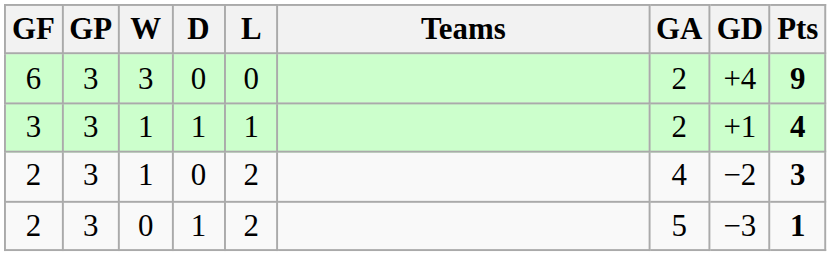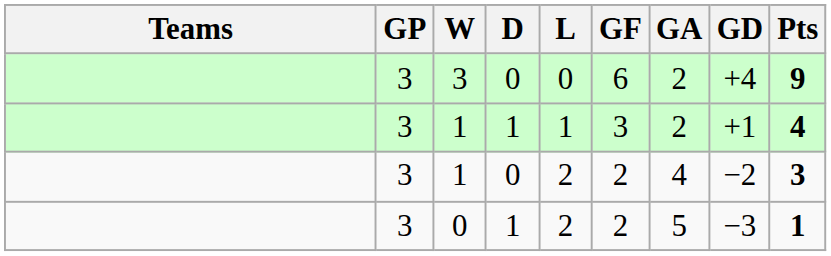 <table class="wikitable">
 <tr align=center bgcolor=#efefef>
-<th width=20>GF</th>
+<th width=185>Teams</th>
 <th width=20>GP</th>
 <th width=20>W</th>
 <th width=20>D</th>
 <th width=20>L</th>
-<th width=185>Teams</th>
+<th width=20>GF</th>
 <th width=20>GA</th>
 <th width=20>GD</th>
 <th width=20>Pts</th>
 </tr>
 <tr align=center style="background:#ccffcc;">
-<td>6</td>
+<td style="text-align:left;"></td>
 <td>3</td>
 <td>3</td>
 <td>0</td>
 <td>0</td>
-<td style="text-align:left;"></td>
+<td>6</td>
 <td>2</td>
 <td>+4</td>
 <td><strong>9</strong></td>
 </tr>
 <tr align=center style="background:#ccffcc;">
-<td>3</td>
+<td style="text-align:left;"></td>
 <td>3</td>
 <td>1</td>
 <td>1</td>
 <td>1</td>
-<td style="text-align:left;"></td>
+<td>3</td>
 <td>2</td>
 <td>+1</td>
 <td><strong>4</strong></td>
 </tr>
 <tr align=center>
-<td>2</td>
+<td style="text-align:left;"></td>
 <td>3</td>
 <td>1</td>
 <td>0</td>
 <td>2</td>
-<td style="text-align:left;"></td>
+<td>2</td>
 <td>4</td>
 <td>−2</td>
 <td><strong>3</strong></td>
 </tr>
 <tr align=center>
-<td>2</td>
+<td style="text-align:left;"></td>
 <td>3</td>
 <td>0</td>
 <td>1</td>
 <td>2</td>
-<td style="text-align:left;"></td>
+<td>2</td>
 <td>5</td>
 <td>−3</td>
 <td><strong>1</strong></td>
 </tr>
 </table>
